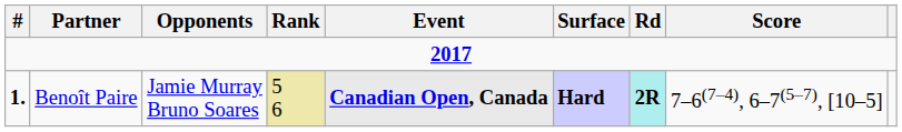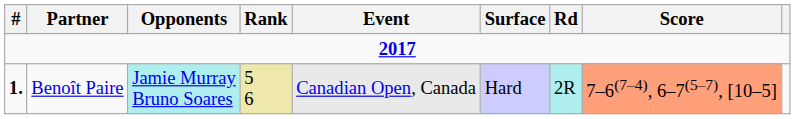 <table class="wikitable sortable">
 <tr>
 <th>#</th>
 <th>Partner</th>
 <th>Opponents</th>
 <th>Rank</th>
 <th>Event</th>
 <th>Surface</th>
 <th>Rd</th>
 <th class=unsortable>Score</th>
 <th></th>
 </tr>
 <tr>
 <td colspan=9 style=text-align:center><strong><a href='#'>2017</a></strong></td>
 </tr>
 <tr>
 <td><strong>1.</strong></td>
 <td> <a href='#'>Benoît Paire</a></td>
-<td> <a href='#'>Jamie Murray</a> <br>  <a href='#'>Bruno Soares</a></td>
+<td style="background: paleturquoise;"> <a href='#'>Jamie Murray</a> <br>  <a href='#'>Bruno Soares</a></td>
 <td style="background:#eee8aa;">5 <br>6</td>
-<td style="background:#e9e9e9;"><strong><a href='#'>Canadian Open</a>, Canada</strong></td>
-<td style="background:#CCCCFF;"><strong>Hard</strong></td>
-<td style=background:#afeeee><strong>2R</strong></td>
-<td>7–6<sup>(7–4)</sup>, 6–7<sup>(5–7)</sup>, [10–5]</td>
+<td style="background:#e9e9e9;"><a href='#'>Canadian Open</a>, Canada</td>
+<td style="background:#CCCCFF;">Hard</td>
+<td style=background:#afeeee>2R</td>
+<td style="background: lightsalmon;">7–6<sup>(7–4)</sup>, 6–7<sup>(5–7)</sup>, [10–5]</td>
 </tr>
 </table>
